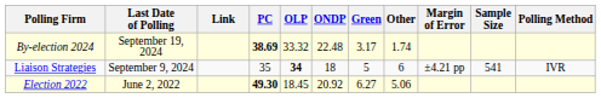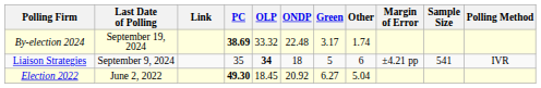 <table class="wikitable sortable" style="text-align:center;font-size:90%;line-height:14px;">
 <tr style="background:#e9e9e9;">
 <th style="width:120px">Polling Firm</th>
 <th style="width:110px">Last Date<br>of Polling</th>
 <th style="width:60px" class="unsortable">Link</th>
 <th style="background-color:"><a href='#'>PC</a></th>
 <th style="background-color:"><a href='#'>OLP</a></th>
 <th style="background-color:"><a href='#'>ONDP</a></th>
 <th style="background-color:"><a href='#'>Green</a></th>
 <th style="background-color:">Other</th>
 <th style="width:60px;" class=unsortable>Margin<br>of Error</th>
 <th style="width:50px;" class=unsortable>Sample<br>Size</th>
 <th class=unsortable>Polling Method</th>
 </tr>
 <tr>
 <td style="background:#ffd;"><em>By-election 2024</em></td>
 <td style="background:#ffd;">September 19, 2024</td>
 <td style="background:#ffd;"></td>
 <td style="background:#ffd;"><strong>38.69</strong></td>
 <td style="background:#ffd;">33.32</td>
 <td style="background:#ffd;">22.48</td>
 <td style="background:#ffd;">3.17</td>
 <td style="background:#ffd;">1.74</td>
 <td style="background:#ffd;"></td>
 <td style="background:#ffd;"></td>
 <td style="background:#ffd;"></td>
 </tr>
 <tr>
 <td><a href='#'>Liaison Strategies</a></td>
 <td>September 9, 2024</td>
 <td></td>
 <td>35</td>
 <td><strong>34</strong></td>
 <td>18</td>
 <td>5</td>
 <td>6</td>
 <td>±4.21 pp</td>
 <td>541</td>
 <td>IVR</td>
 </tr>
 <tr>
 <td style="background:#ffd;"><em><a href='#'>Election 2022</a></em></td>
 <td style="background:#ffd;">June 2, 2022</td>
 <td style="background:#ffd;"></td>
 <td style="background:#ffd;"><strong>49.30</strong></td>
 <td style="background:#ffd;">18.45</td>
 <td style="background:#ffd;">20.92</td>
 <td style="background:#ffd;">6.27</td>
-<td style="background:#ffd;">5.06</td>
+<td style="background:#ffd;">5.04</td>
 <td style="background:#ffd;"></td>
 <td style="background:#ffd;"></td>
 <td style="background:#ffd;"></td>
 </tr>
 </table>
